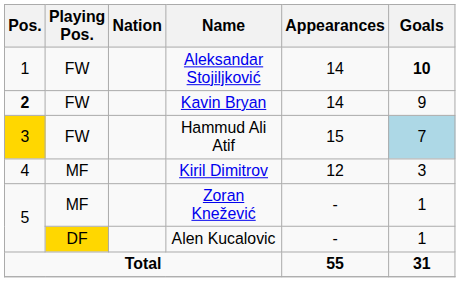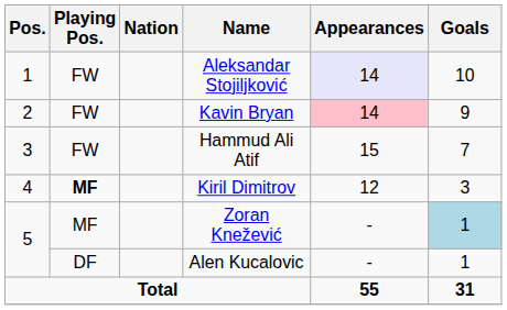 <table class="wikitable sortable" style="font-size:100%; text-align:center">
 <tr>
 <th width=15>Pos.</th>
 <th width=15>Playing Pos.</th>
 <th width=15>Nation</th>
 <th width=110>Name</th>
 <th width=50>Appearances</th>
 <th width=60>Goals</th>
 </tr>
 <tr>
 <td>1</td>
 <td>FW</td>
 <td></td>
 <td><a href='#'>Aleksandar Stojiljković</a></td>
-<td>14</td>
-<td><strong>10</strong></td>
+<td style="background: lavender;">14</td>
+<td>10</td>
 </tr>
 <tr>
-<td><strong>2</strong></td>
+<td>2</td>
 <td>FW</td>
 <td></td>
 <td><a href='#'>Kavin Bryan</a></td>
-<td>14</td>
+<td style="background: pink;">14</td>
 <td>9</td>
 </tr>
 <tr>
-<td style="background: gold;">3</td>
+<td>3</td>
 <td>FW</td>
 <td></td>
 <td>Hammud Ali Atif</td>
 <td>15</td>
-<td style="background: lightblue;">7</td>
+<td>7</td>
 </tr>
 <tr>
 <td>4</td>
-<td>MF</td>
+<td><strong>MF</strong></td>
 <td></td>
 <td><a href='#'>Kiril Dimitrov</a></td>
 <td>12</td>
 <td>3</td>
 </tr>
 <tr>
 <td rowspan=2>5</td>
 <td>MF</td>
 <td></td>
 <td><a href='#'>Zoran Knežević</a></td>
 <td>-</td>
-<td>1</td>
+<td style="background: lightblue;">1</td>
 </tr>
 <tr>
-<td style="background: gold;">DF</td>
+<td>DF</td>
 <td></td>
 <td>Alen Kucalovic</td>
 <td>-</td>
 <td>1</td>
 </tr>
 <tr>
 <td colspan=4><strong>Total</strong></td>
 <td><strong>55</strong></td>
 <td><strong>31</strong></td>
 </tr>
 <tr>
 </tr>
 </table>
